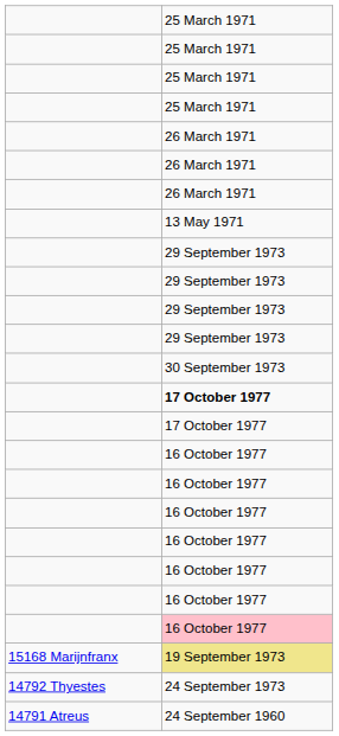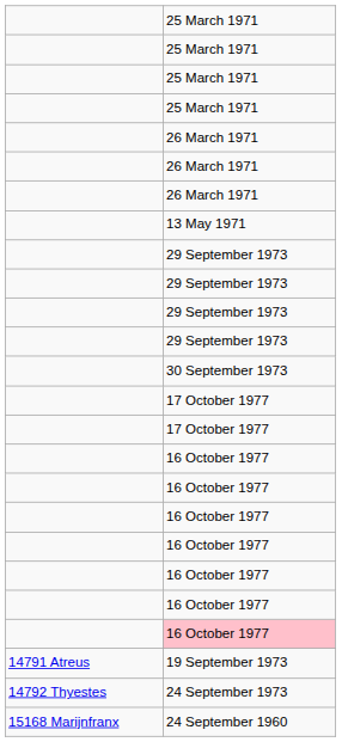 <table class="wikitable" style="font-size: 89%; float: left; width: 24em; margin-right: 1em; line-height: 1.65em">
 <tr>
 <td></td>
 <td>25 March 1971</td>
 </tr>
 <tr>
 <td></td>
 <td>25 March 1971</td>
 </tr>
 <tr>
 <td></td>
 <td>25 March 1971</td>
 </tr>
 <tr>
 <td></td>
 <td>25 March 1971</td>
 </tr>
 <tr>
 <td></td>
 <td>26 March 1971</td>
 </tr>
 <tr>
 <td></td>
 <td>26 March 1971</td>
 </tr>
 <tr>
 <td></td>
 <td>26 March 1971</td>
 </tr>
 <tr>
 <td></td>
 <td>13 May 1971</td>
 </tr>
 <tr>
 <td></td>
 <td>29 September 1973</td>
 </tr>
 <tr>
 <td></td>
 <td>29 September 1973</td>
 </tr>
 <tr>
 <td></td>
 <td>29 September 1973</td>
 </tr>
 <tr>
 <td></td>
 <td>29 September 1973</td>
 </tr>
 <tr>
 <td></td>
 <td>30 September 1973</td>
 </tr>
 <tr>
 <td></td>
-<td><strong>17 October 1977</strong></td>
+<td>17 October 1977</td>
 </tr>
 <tr>
 <td></td>
 <td>17 October 1977</td>
 </tr>
 <tr>
 <td></td>
 <td>16 October 1977</td>
 </tr>
 <tr>
 <td></td>
 <td>16 October 1977</td>
 </tr>
 <tr>
 <td></td>
 <td>16 October 1977</td>
 </tr>
 <tr>
 <td></td>
 <td>16 October 1977</td>
 </tr>
 <tr>
 <td></td>
 <td>16 October 1977</td>
 </tr>
 <tr>
 <td></td>
 <td>16 October 1977</td>
 </tr>
 <tr>
 <td></td>
 <td style="background: pink;">16 October 1977</td>
 </tr>
 <tr>
-<td><a href='#'>15168 Marijnfranx</a></td>
-<td style="background: khaki;">19 September 1973</td>
+<td><a href='#'>14791 Atreus</a></td>
+<td>19 September 1973</td>
 </tr>
 <tr>
 <td><a href='#'>14792 Thyestes</a></td>
 <td>24 September 1973</td>
 </tr>
 <tr>
-<td><a href='#'>14791 Atreus</a></td>
+<td><a href='#'>15168 Marijnfranx</a></td>
 <td>24 September 1960</td>
 </tr>
 </table>
